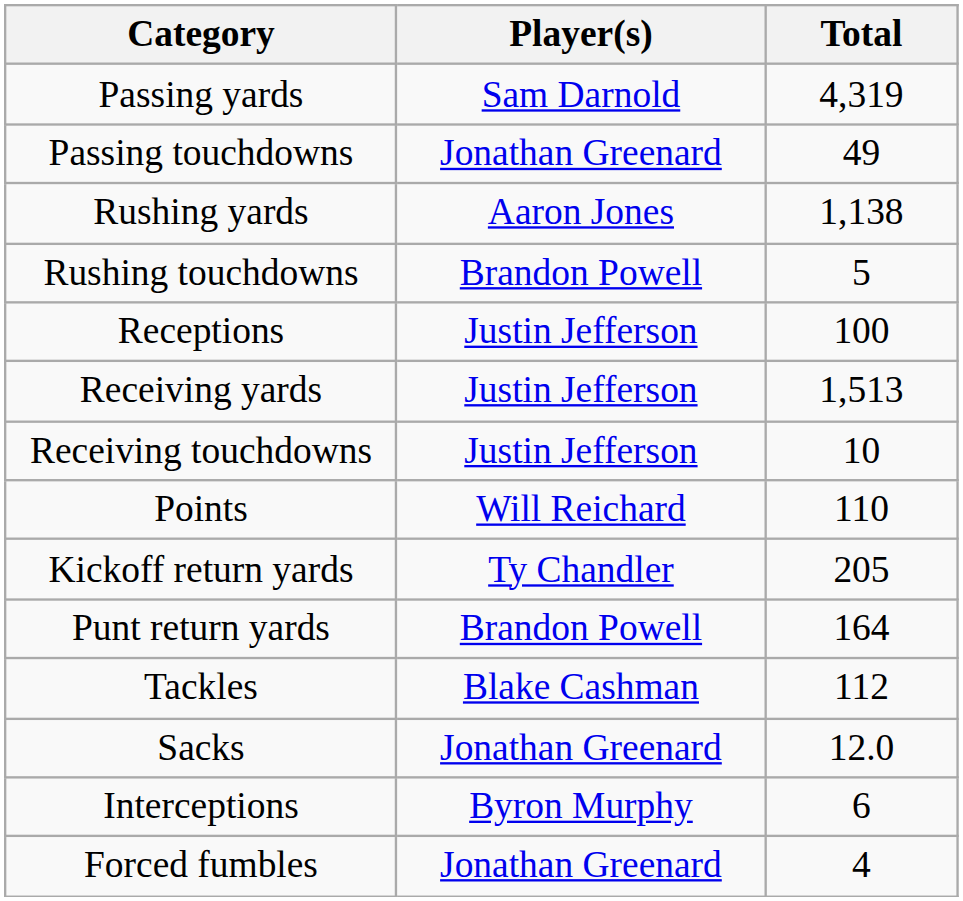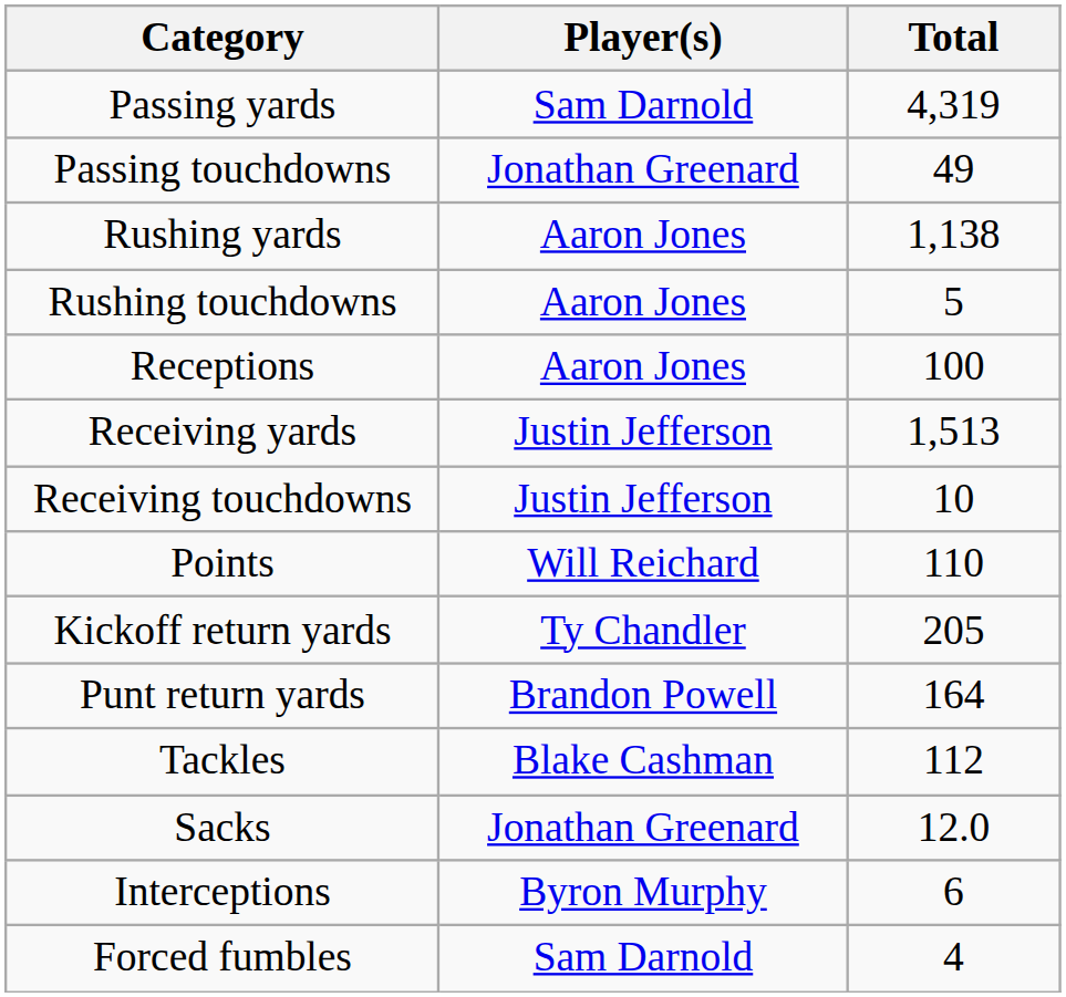 <table class="wikitable" style="text-align:center">
 <tr>
 <th width="160">Category</th>
 <th width="150">Player(s)</th>
 <th width="75">Total</th>
 </tr>
 <tr>
 <td>Passing yards</td>
 <td><a href='#'>Sam Darnold</a></td>
 <td>4,319</td>
 </tr>
 <tr>
 <td>Passing touchdowns</td>
 <td><a href='#'>Jonathan Greenard</a></td>
 <td>49</td>
 </tr>
 <tr>
 <td>Rushing yards</td>
 <td><a href='#'>Aaron Jones</a></td>
 <td>1,138</td>
 </tr>
 <tr>
 <td>Rushing touchdowns</td>
-<td><a href='#'>Brandon Powell</a></td>
+<td><a href='#'>Aaron Jones</a></td>
 <td>5</td>
 </tr>
 <tr>
 <td>Receptions</td>
-<td><a href='#'>Justin Jefferson</a></td>
+<td><a href='#'>Aaron Jones</a></td>
 <td>100</td>
 </tr>
 <tr>
 <td>Receiving yards</td>
 <td><a href='#'>Justin Jefferson</a></td>
 <td>1,513</td>
 </tr>
 <tr>
 <td>Receiving touchdowns</td>
 <td><a href='#'>Justin Jefferson</a></td>
 <td>10</td>
 </tr>
 <tr>
 <td>Points</td>
 <td><a href='#'>Will Reichard</a></td>
 <td>110</td>
 </tr>
 <tr>
 <td>Kickoff return yards</td>
 <td><a href='#'>Ty Chandler</a></td>
 <td>205</td>
 </tr>
 <tr>
 <td>Punt return yards</td>
 <td><a href='#'>Brandon Powell</a></td>
 <td>164</td>
 </tr>
 <tr>
 <td>Tackles</td>
 <td><a href='#'>Blake Cashman</a></td>
 <td>112</td>
 </tr>
 <tr>
 <td>Sacks</td>
 <td><a href='#'>Jonathan Greenard</a></td>
 <td>12.0</td>
 </tr>
 <tr>
 <td>Interceptions</td>
 <td><a href='#'>Byron Murphy</a></td>
 <td>6</td>
 </tr>
 <tr>
 <td>Forced fumbles</td>
-<td><a href='#'>Jonathan Greenard</a></td>
+<td><a href='#'>Sam Darnold</a></td>
 <td>4</td>
 </tr>
 </table>
